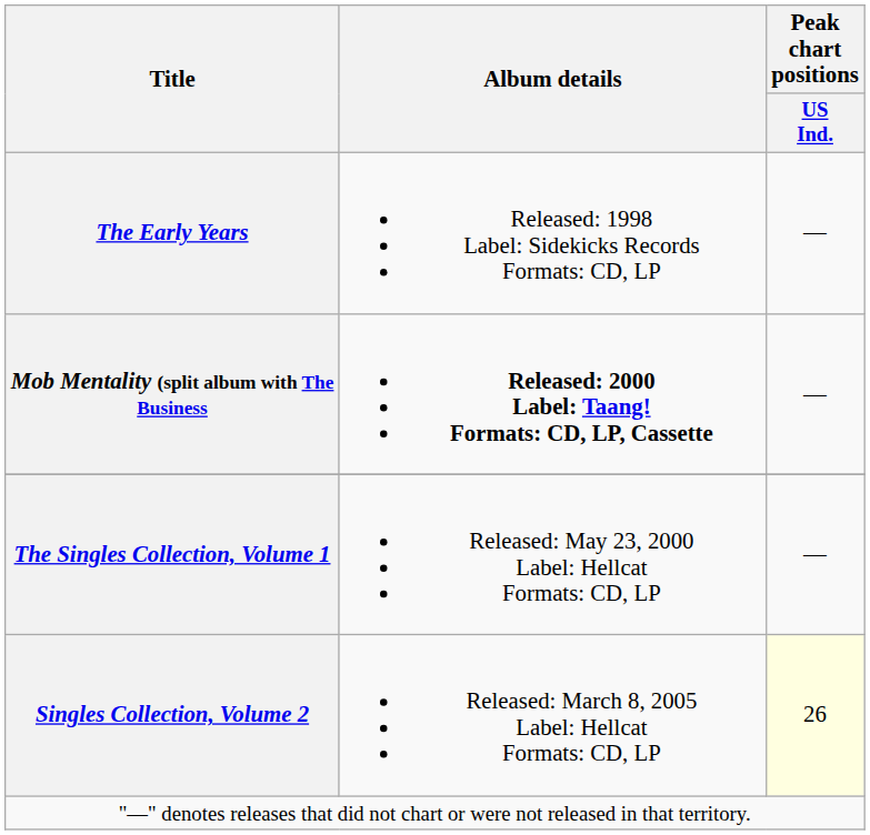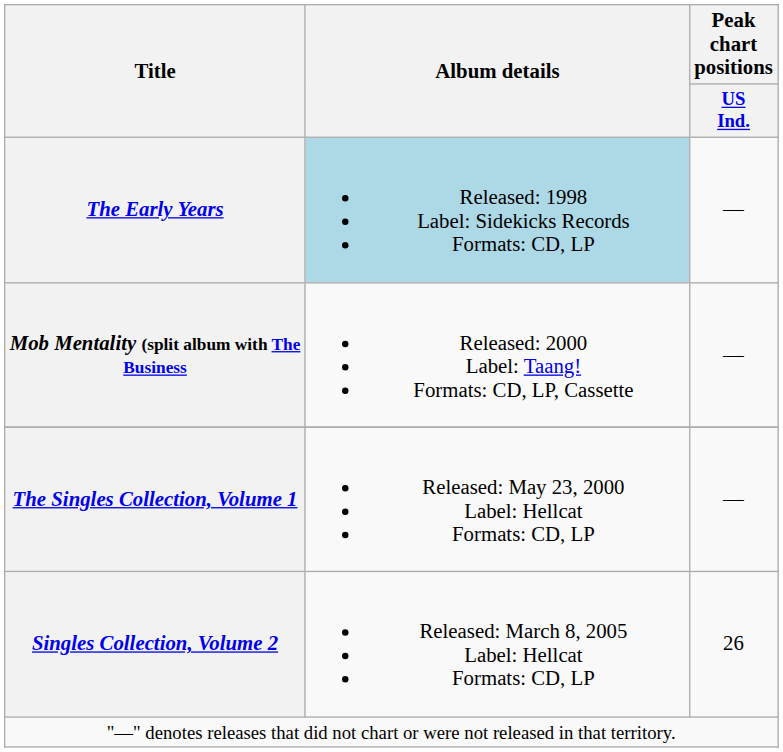 <table class="wikitable plainrowheaders" style="text-align:center;">
 <tr>
 <th scope="col" rowspan="2" style="width:14em;">Title</th>
 <th scope="col" rowspan="2" style="width:18em;">Album details</th>
 <th scope="col" colspan="1">Peak chart positions</th>
 </tr>
 <tr>
 <th scope="col" style="width:3em;font-size:90%;"><a href='#'>US<br>Ind.</a><br></th>
 </tr>
 <tr>
 <th scope="row"><em><a href='#'>The Early Years</a></em></th>
-<td><br><ul><li>Released: 1998</li><li>Label: Sidekicks Records</li><li>Formats: CD, LP</li></ul></td>
+<td style="background: lightblue;"><br><ul><li>Released: 1998</li><li>Label: Sidekicks Records</li><li>Formats: CD, LP</li></ul></td>
 <td>—</td>
 </tr>
 <tr>
 <th scope="row"><em>Mob Mentality</em> <small>(split album with <a href='#'>The Business</a></small></th>
-<td><strong><br><ul><li>Released: 2000</li><li>Label: <a href='#'>Taang!</a></li><li>Formats: CD, LP, Cassette</li></ul></strong></td>
+<td><br><ul><li>Released: 2000</li><li>Label: <a href='#'>Taang!</a></li><li>Formats: CD, LP, Cassette</li></ul></td>
 <td>—</td>
 </tr>
 <tr>
 </tr>
 <tr>
 <th scope="row"><em><a href='#'>The Singles Collection, Volume 1</a></em></th>
 <td><br><ul><li>Released: May 23, 2000</li><li>Label: Hellcat</li><li>Formats: CD, LP</li></ul></td>
 <td>—</td>
 </tr>
 <tr>
 <th scope="row"><em><a href='#'>Singles Collection, Volume 2</a></em></th>
 <td><br><ul><li>Released: March 8, 2005</li><li>Label: Hellcat</li><li>Formats: CD, LP</li></ul></td>
-<td style="background: lightyellow;">26</td>
+<td>26</td>
 </tr>
 <tr>
 <td colspan="4" style="font-size:90%">"—" denotes releases that did not chart or were not released in that territory.</td>
 </tr>
 </table>
